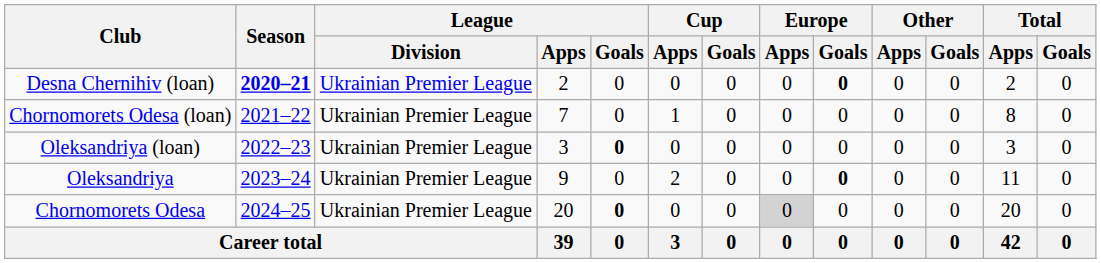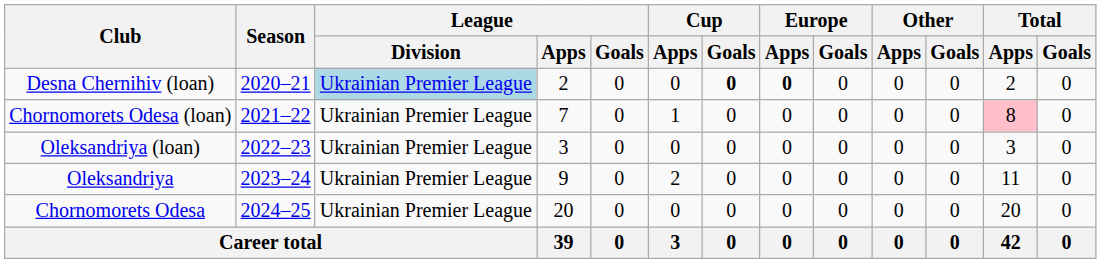 <table class="wikitable" style="text-align:center">
 <tr>
 <th rowspan="2">Club</th>
 <th rowspan="2">Season</th>
 <th colspan="3">League</th>
 <th colspan="2">Cup</th>
 <th colspan="2">Europe</th>
 <th colspan="2">Other</th>
 <th colspan="2">Total</th>
 </tr>
 <tr>
 <th>Division</th>
 <th>Apps</th>
 <th>Goals</th>
 <th>Apps</th>
 <th>Goals</th>
 <th>Apps</th>
 <th>Goals</th>
 <th>Apps</th>
 <th>Goals</th>
 <th>Apps</th>
 <th>Goals</th>
 </tr>
 <tr>
 <td rowspan="1"><a href='#'>Desna Chernihiv</a> (loan)</td>
-<td><strong><a href='#'>2020–21</a></strong></td>
-<td><a href='#'>Ukrainian Premier League</a></td>
+<td><a href='#'>2020–21</a></td>
+<td style="background: lightblue;"><a href='#'>Ukrainian Premier League</a></td>
 <td>2</td>
 <td>0</td>
 <td>0</td>
+<td><strong>0</strong></td>
+<td><strong>0</strong></td>
 <td>0</td>
-<td>0</td>
-<td><strong>0</strong></td>
 <td>0</td>
 <td>0</td>
 <td>2</td>
 <td>0</td>
 </tr>
 <tr>
 <td rowspan="1"><a href='#'>Chornomorets Odesa</a> (loan)</td>
 <td><a href='#'>2021–22</a></td>
 <td>Ukrainian Premier League</td>
 <td>7</td>
 <td>0</td>
 <td>1</td>
 <td>0</td>
 <td>0</td>
 <td>0</td>
 <td>0</td>
 <td>0</td>
-<td>8</td>
+<td style="background: pink;">8</td>
 <td>0</td>
 </tr>
 <tr>
 <td rowspan="1"><a href='#'>Oleksandriya</a> (loan)</td>
 <td><a href='#'>2022–23</a></td>
 <td>Ukrainian Premier League</td>
 <td>3</td>
-<td><strong>0</strong></td>
+<td>0</td>
 <td>0</td>
 <td>0</td>
 <td>0</td>
 <td>0</td>
 <td>0</td>
 <td>0</td>
 <td>3</td>
 <td>0</td>
 </tr>
 <tr>
 <td rowspan="1"><a href='#'>Oleksandriya</a></td>
 <td><a href='#'>2023–24</a></td>
 <td>Ukrainian Premier League</td>
 <td>9</td>
 <td>0</td>
 <td>2</td>
 <td>0</td>
 <td>0</td>
-<td><strong>0</strong></td>
+<td>0</td>
 <td>0</td>
 <td>0</td>
 <td>11</td>
 <td>0</td>
 </tr>
 <tr>
 <td><a href='#'>Chornomorets Odesa</a></td>
 <td><a href='#'>2024–25</a></td>
 <td>Ukrainian Premier League</td>
 <td>20</td>
-<td><strong>0</strong></td>
 <td>0</td>
 <td>0</td>
-<td style="background: lightgrey;">0</td>
+<td>0</td>
+<td>0</td>
 <td>0</td>
 <td>0</td>
 <td>0</td>
 <td>20</td>
 <td>0</td>
 </tr>
 <tr>
 <th colspan="3">Career total</th>
 <th>39</th>
 <th>0</th>
 <th>3</th>
 <th>0</th>
 <th>0</th>
 <th>0</th>
 <th>0</th>
 <th>0</th>
 <th>42</th>
 <th>0</th>
 </tr>
 </table>
